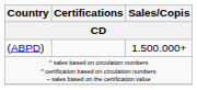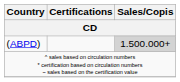 <table class="wikitable">
 <tr>
 <th align="center">Country</th>
 <th align="center">Certifications</th>
 <th align="center">Sales/Copis</th>
 </tr>
 <tr>
 <th colspan="6">CD</th>
 </tr>
 <tr>
 <td align="left"> (<a href='#'>ABPD</a>)</td>
 <td align="center"></td>
-<td align="center">1.500.000+</td>
+<td align="center" style="background: lightgrey;">1.500.000+</td>
 </tr>
 <tr>
 <td colspan="8" style="text-align:center; font-size:8pt;"><small>^ sales based on circulation numbers</small><br><small>* certification based on circulation numbers</small><br><small>~ sales based on the certification value</small></td>
 </tr>
 <tr>
 </tr>
 </table>
